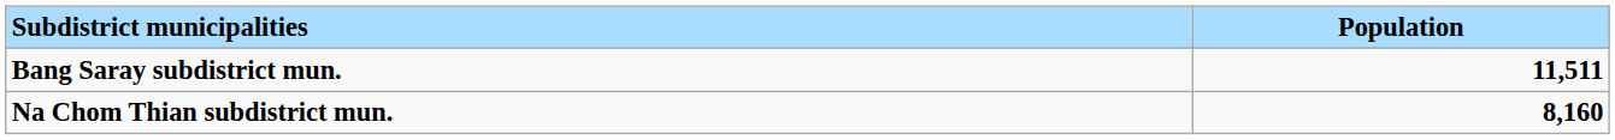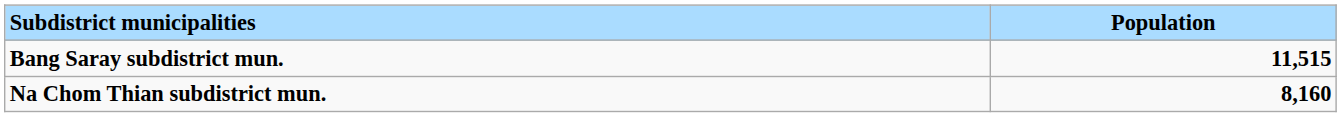 <table class="wikitable" style="width:48%; display:inline-table;">
 <tr>
 <td style= "background: #aadcff;"><strong>Subdistrict municipalities</strong></td>
 <td style= "background: #aadcff; text-align:center;"><strong>Population</strong></td>
 </tr>
 <tr>
 <td><strong>Bang Saray subdistrict mun.</strong></td>
-<td style="text-align:right;"><strong>11,511</strong></td>
+<td style="text-align:right;"><strong>11,515</strong></td>
 </tr>
 <tr>
 <td><strong>Na Chom Thian subdistrict mun.</strong></td>
 <td style="text-align:right;"><strong>8,160</strong></td>
 </tr>
 </table>
